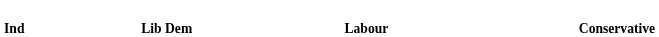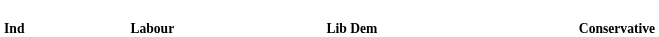 <table style="width:60%; text-align:center;">
 <tr style="color:white;">
 <td style="background:"><strong>12</strong></td>
+<td style="background:"><strong>9</strong></td>
 <td style="background:"><strong>2</strong></td>
-<td style="background:"><strong>9</strong></td>
 <td style="background:"><strong>28</strong></td>
 </tr>
 <tr>
 <td><span><strong>Ind</strong></span></td>
+<td><span><strong>Labour</strong></span></td>
 <td><span><strong>Lib Dem</strong></span></td>
-<td><span><strong>Labour</strong></span></td>
 <td><span><strong>Conservative</strong></span></td>
 </tr>
 </table>
